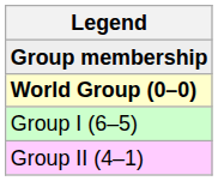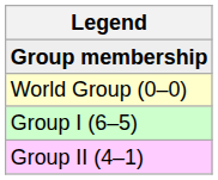 <table class="wikitable"  style="font-size:90%;">
 <tr>
 <th>Legend</th>
 </tr>
 <tr style="background:#eee;">
 <td><strong>Group membership</strong></td>
 </tr>
 <tr style="background:#ffc;">
-<td><strong>World Group (0–0)</strong></td>
+<td>World Group (0–0)</td>
 </tr>
 <tr style="background:#cfc;">
 <td>Group I (6–5)</td>
 </tr>
 <tr style="background:#fcf;">
 <td>Group II (4–1)</td>
 </tr>
 </table>
